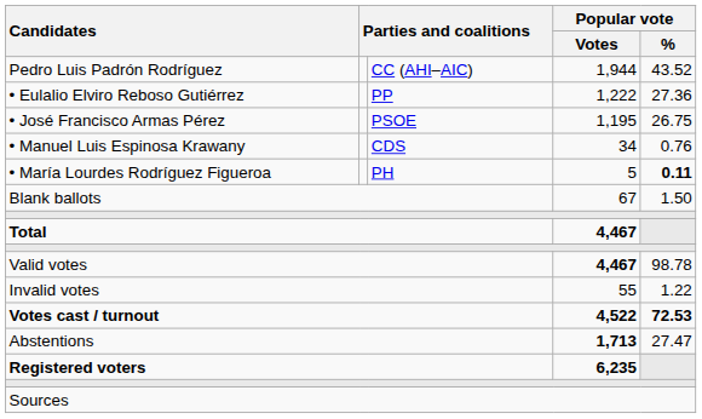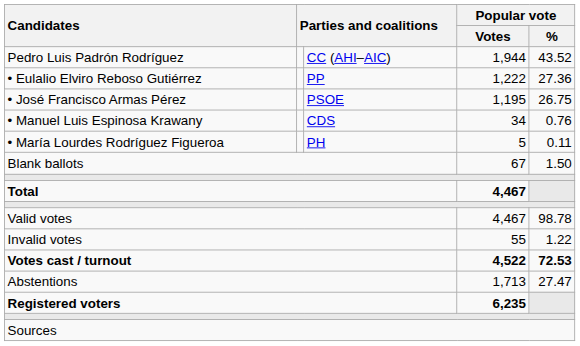 <table class="wikitable" style="text-align:right; font-size:95%;">
 <tr>
 <th style="text-align:left;" rowspan="2" width="325">Candidates</th>
 <th style="text-align:left;" rowspan="2" colspan="2" width="175">Parties and coalitions</th>
 <th colspan="2">Popular vote</th>
 </tr>
 <tr>
 <th width="75">Votes</th>
 <th width="45">%</th>
 </tr>
 <tr>
 <td align="left"> Pedro Luis Padrón Rodríguez</td>
 <td width="1" style="color:inherit;background:"></td>
 <td align="left"><a href='#'>CC</a> (<a href='#'>AHI</a>–<a href='#'>AIC</a>)</td>
 <td>1,944</td>
 <td>43.52</td>
 </tr>
 <tr>
 <td align="left">• Eulalio Elviro Reboso Gutiérrez</td>
 <td style="color:inherit;background:"></td>
 <td align="left"><a href='#'>PP</a></td>
 <td>1,222</td>
 <td>27.36</td>
 </tr>
 <tr>
 <td align="left">• José Francisco Armas Pérez</td>
 <td style="color:inherit;background:"></td>
 <td align="left"><a href='#'>PSOE</a></td>
 <td>1,195</td>
 <td>26.75</td>
 </tr>
 <tr>
 <td align="left">• Manuel Luis Espinosa Krawany</td>
 <td style="color:inherit;background:"></td>
 <td align="left"><a href='#'>CDS</a></td>
 <td>34</td>
 <td>0.76</td>
 </tr>
 <tr>
 <td align="left">• María Lourdes Rodríguez Figueroa</td>
 <td style="color:inherit;background:"></td>
 <td align="left"><a href='#'>PH</a></td>
 <td>5</td>
-<td><strong>0.11</strong></td>
+<td>0.11</td>
 </tr>
 <tr>
 <td align="left" colspan="3">Blank ballots</td>
 <td>67</td>
 <td>1.50</td>
 </tr>
 <tr>
 <td colspan="5" bgcolor="#E9E9E9"></td>
 </tr>
 <tr style="font-weight:bold;">
 <td align="left" colspan="3">Total</td>
 <td>4,467</td>
 <td bgcolor="#E9E9E9"></td>
 </tr>
 <tr>
 <td colspan="5" bgcolor="#E9E9E9"></td>
 </tr>
 <tr>
 <td align="left" colspan="3">Valid votes</td>
-<td><strong>4,467</strong></td>
+<td>4,467</td>
 <td>98.78</td>
 </tr>
 <tr>
 <td align="left" colspan="3">Invalid votes</td>
 <td>55</td>
 <td>1.22</td>
 </tr>
 <tr style="font-weight:bold;">
 <td align="left" colspan="3">Votes cast / turnout</td>
 <td>4,522</td>
 <td>72.53</td>
 </tr>
 <tr>
 <td align="left" colspan="3">Abstentions</td>
-<td><strong>1,713</strong></td>
+<td>1,713</td>
 <td>27.47</td>
 </tr>
 <tr style="font-weight:bold;">
 <td align="left" colspan="3">Registered voters</td>
 <td>6,235</td>
 <td bgcolor="#E9E9E9"></td>
 </tr>
 <tr>
 <td colspan="5" bgcolor="#E9E9E9"></td>
 </tr>
 <tr>
 <td align="left" colspan="5">Sources</td>
 </tr>
 </table>
